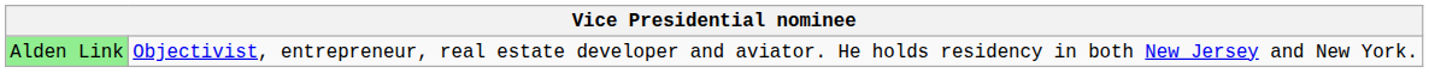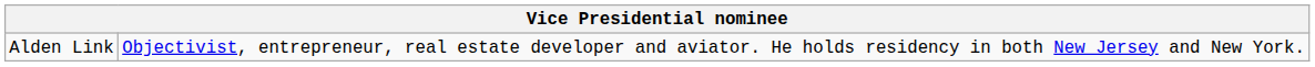 <table class=wikitable>
 <tr>
 <th colspan=3>Vice Presidential nominee</th>
 </tr>
 <tr>
-<td style="background: lightgreen;">Alden Link</td>
+<td>Alden Link</td>
 <td><a href='#'>Objectivist</a>, entrepreneur, real estate developer and aviator. He holds residency in both <a href='#'>New Jersey</a> and New York.</td>
 </tr>
 </table>
